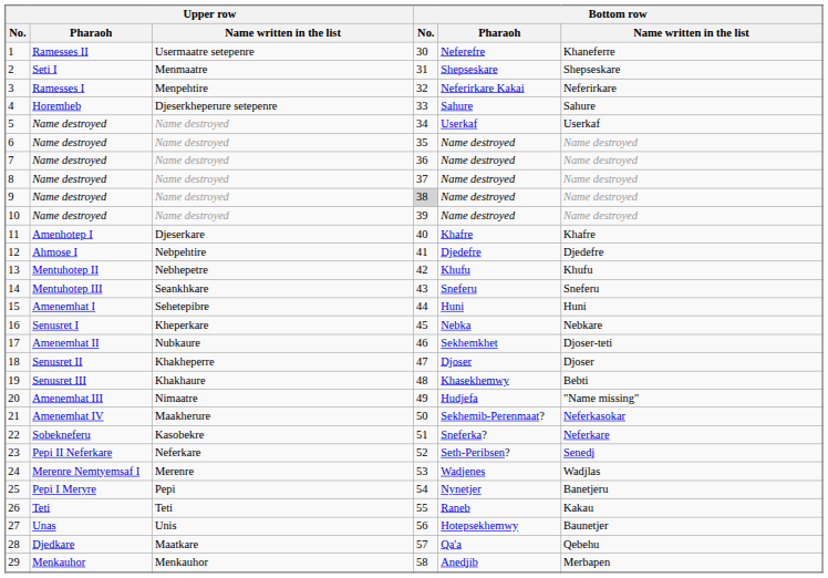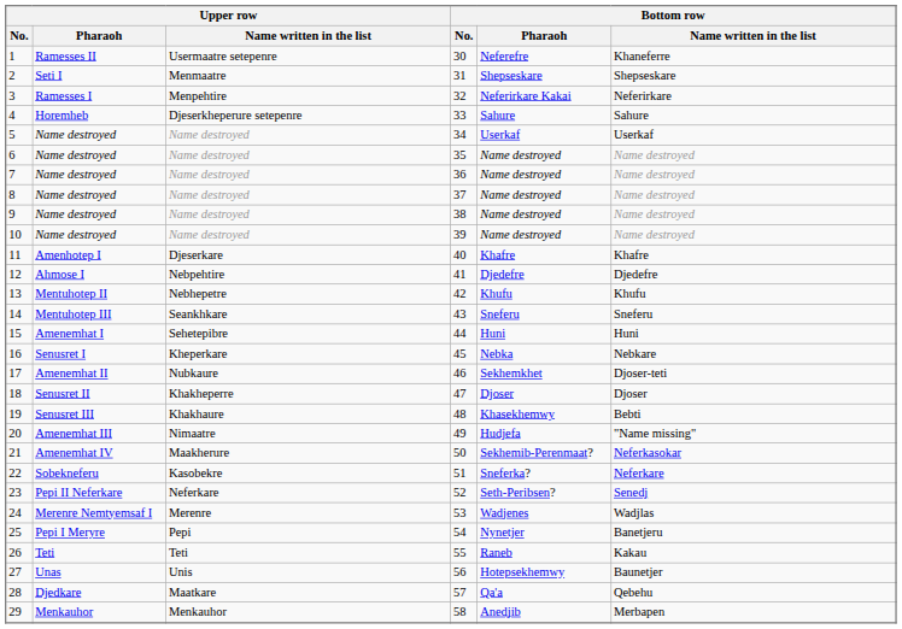 <table class="wikitable sortable" style="width: 90%; border: 2px solid gray;">
 <tr>
 <th colspan="3">Upper row</th>
 <th colspan="3">Bottom row</th>
 </tr>
 <tr>
 <th width="3%">No.</th>
 <th width="15%">Pharaoh</th>
 <th width="32%">Name written in the list</th>
 <th width="3%">No.</th>
 <th width="15%">Pharaoh</th>
 <th width="32%">Name written in the list</th>
 </tr>
 <tr>
 <td>1</td>
 <td><a href='#'>Ramesses II</a></td>
 <td>Usermaatre setepenre</td>
 <td>30</td>
 <td><a href='#'>Neferefre</a></td>
 <td>Khaneferre</td>
 </tr>
 <tr>
 <td>2</td>
 <td><a href='#'>Seti I</a></td>
 <td>Menmaatre</td>
 <td>31</td>
 <td><a href='#'>Shepseskare</a></td>
 <td>Shepseskare</td>
 </tr>
 <tr>
 <td>3</td>
 <td><a href='#'>Ramesses I</a></td>
 <td>Menpehtire</td>
 <td>32</td>
 <td><a href='#'>Neferirkare Kakai</a></td>
 <td>Neferirkare</td>
 </tr>
 <tr>
 <td>4</td>
 <td><a href='#'>Horemheb</a></td>
 <td>Djeserkheperure setepenre</td>
 <td>33</td>
 <td><a href='#'>Sahure</a></td>
 <td>Sahure</td>
 </tr>
 <tr>
 <td>5</td>
 <td><em>Name destroyed</em></td>
 <td style="color:#999"><em>Name destroyed</em></td>
 <td>34</td>
 <td><a href='#'>Userkaf</a></td>
 <td>Userkaf</td>
 </tr>
 <tr>
 <td>6</td>
 <td><em>Name destroyed</em></td>
 <td style="color:#999"><em>Name destroyed</em></td>
 <td>35</td>
 <td><em>Name destroyed</em></td>
 <td style="color:#999"><em>Name destroyed</em></td>
 </tr>
 <tr>
 <td>7</td>
 <td><em>Name destroyed</em></td>
 <td style="color:#999"><em>Name destroyed</em></td>
 <td>36</td>
 <td><em>Name destroyed</em></td>
 <td style="color:#999"><em>Name destroyed</em></td>
 </tr>
 <tr>
 <td>8</td>
 <td><em>Name destroyed</em></td>
 <td style="color:#999"><em>Name destroyed</em></td>
 <td>37</td>
 <td><em>Name destroyed</em></td>
 <td style="color:#999"><em>Name destroyed</em></td>
 </tr>
 <tr>
 <td>9</td>
 <td><em>Name destroyed</em></td>
 <td style="color:#999"><em>Name destroyed</em></td>
-<td style="background: lightgrey;">38</td>
+<td>38</td>
 <td><em>Name destroyed</em></td>
 <td style="color:#999"><em>Name destroyed</em></td>
 </tr>
 <tr>
 <td>10</td>
 <td><em>Name destroyed</em></td>
 <td style="color:#999"><em>Name destroyed</em></td>
 <td>39</td>
 <td><em>Name destroyed</em></td>
 <td style="color:#999"><em>Name destroyed</em></td>
 </tr>
 <tr>
 <td>11</td>
 <td><a href='#'>Amenhotep I</a></td>
 <td>Djeserkare</td>
 <td>40</td>
 <td><a href='#'>Khafre</a></td>
 <td>Khafre</td>
 </tr>
 <tr>
 <td>12</td>
 <td><a href='#'>Ahmose I</a></td>
 <td>Nebpehtire</td>
 <td>41</td>
 <td><a href='#'>Djedefre</a></td>
 <td>Djedefre</td>
 </tr>
 <tr>
 <td>13</td>
 <td><a href='#'>Mentuhotep II</a></td>
 <td>Nebhepetre</td>
 <td>42</td>
 <td><a href='#'>Khufu</a></td>
 <td>Khufu</td>
 </tr>
 <tr>
 <td>14</td>
 <td><a href='#'>Mentuhotep III</a></td>
 <td>Seankhkare</td>
 <td>43</td>
 <td><a href='#'>Sneferu</a></td>
 <td>Sneferu</td>
 </tr>
 <tr>
 <td>15</td>
 <td><a href='#'>Amenemhat I</a></td>
 <td>Sehetepibre</td>
 <td>44</td>
 <td><a href='#'>Huni</a></td>
 <td>Huni</td>
 </tr>
 <tr>
 <td>16</td>
 <td><a href='#'>Senusret I</a></td>
 <td>Kheperkare</td>
 <td>45</td>
 <td><a href='#'>Nebka</a></td>
 <td>Nebkare</td>
 </tr>
 <tr>
 <td>17</td>
 <td><a href='#'>Amenemhat II</a></td>
 <td>Nubkaure</td>
 <td>46</td>
 <td><a href='#'>Sekhemkhet</a></td>
 <td>Djoser-teti</td>
 </tr>
 <tr>
 <td>18</td>
 <td><a href='#'>Senusret II</a></td>
 <td>Khakheperre</td>
 <td>47</td>
 <td><a href='#'>Djoser</a></td>
 <td>Djoser</td>
 </tr>
 <tr>
 <td>19</td>
 <td><a href='#'>Senusret III</a></td>
 <td>Khakhaure</td>
 <td>48</td>
 <td><a href='#'>Khasekhemwy</a></td>
 <td>Bebti</td>
 </tr>
 <tr>
 <td>20</td>
 <td><a href='#'>Amenemhat III</a></td>
 <td>Nimaatre</td>
 <td>49</td>
 <td><a href='#'>Hudjefa</a></td>
 <td>"Name missing"</td>
 </tr>
 <tr>
 <td>21</td>
 <td><a href='#'>Amenemhat IV</a></td>
 <td>Maakherure</td>
 <td>50</td>
 <td><a href='#'>Sekhemib-Perenmaat</a>?</td>
 <td><a href='#'>Neferkasokar</a></td>
 </tr>
 <tr>
 <td>22</td>
 <td><a href='#'>Sobekneferu</a></td>
 <td>Kasobekre</td>
 <td>51</td>
 <td><a href='#'>Sneferka</a>?</td>
 <td><a href='#'>Neferkare</a></td>
 </tr>
 <tr>
 <td>23</td>
 <td><a href='#'>Pepi II Neferkare</a></td>
 <td>Neferkare</td>
 <td>52</td>
 <td><a href='#'>Seth-Peribsen</a>?</td>
 <td><a href='#'>Senedj</a></td>
 </tr>
 <tr>
 <td>24</td>
 <td><a href='#'>Merenre Nemtyemsaf I</a></td>
 <td>Merenre</td>
 <td>53</td>
 <td><a href='#'>Wadjenes</a></td>
 <td>Wadjlas</td>
 </tr>
 <tr>
 <td>25</td>
 <td><a href='#'>Pepi I Meryre</a></td>
 <td>Pepi</td>
 <td>54</td>
 <td><a href='#'>Nynetjer</a></td>
 <td>Banetjeru</td>
 </tr>
 <tr>
 <td>26</td>
 <td><a href='#'>Teti</a></td>
 <td>Teti</td>
 <td>55</td>
 <td><a href='#'>Raneb</a></td>
 <td>Kakau</td>
 </tr>
 <tr>
 <td>27</td>
 <td><a href='#'>Unas</a></td>
 <td>Unis</td>
 <td>56</td>
 <td><a href='#'>Hotepsekhemwy</a></td>
 <td>Baunetjer</td>
 </tr>
 <tr>
 <td>28</td>
 <td><a href='#'>Djedkare</a></td>
 <td>Maatkare</td>
 <td>57</td>
 <td><a href='#'>Qa'a</a></td>
 <td>Qebehu</td>
 </tr>
 <tr>
 <td>29</td>
 <td><a href='#'>Menkauhor</a></td>
 <td>Menkauhor</td>
 <td>58</td>
 <td><a href='#'>Anedjib</a></td>
 <td>Merbapen</td>
 </tr>
 </table>
